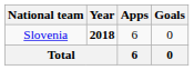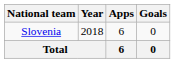 <table class=wikitable style=text-align:center>
 <tr>
 <th>National team</th>
 <th>Year</th>
 <th>Apps</th>
 <th>Goals</th>
 </tr>
 <tr>
 <td rowspan=1><a href='#'>Slovenia</a></td>
-<td><strong>2018</strong></td>
+<td>2018</td>
 <td>6</td>
 <td>0</td>
 </tr>
 <tr>
 <th colspan=2>Total</th>
 <th>6</th>
 <th>0</th>
 </tr>
 </table>
